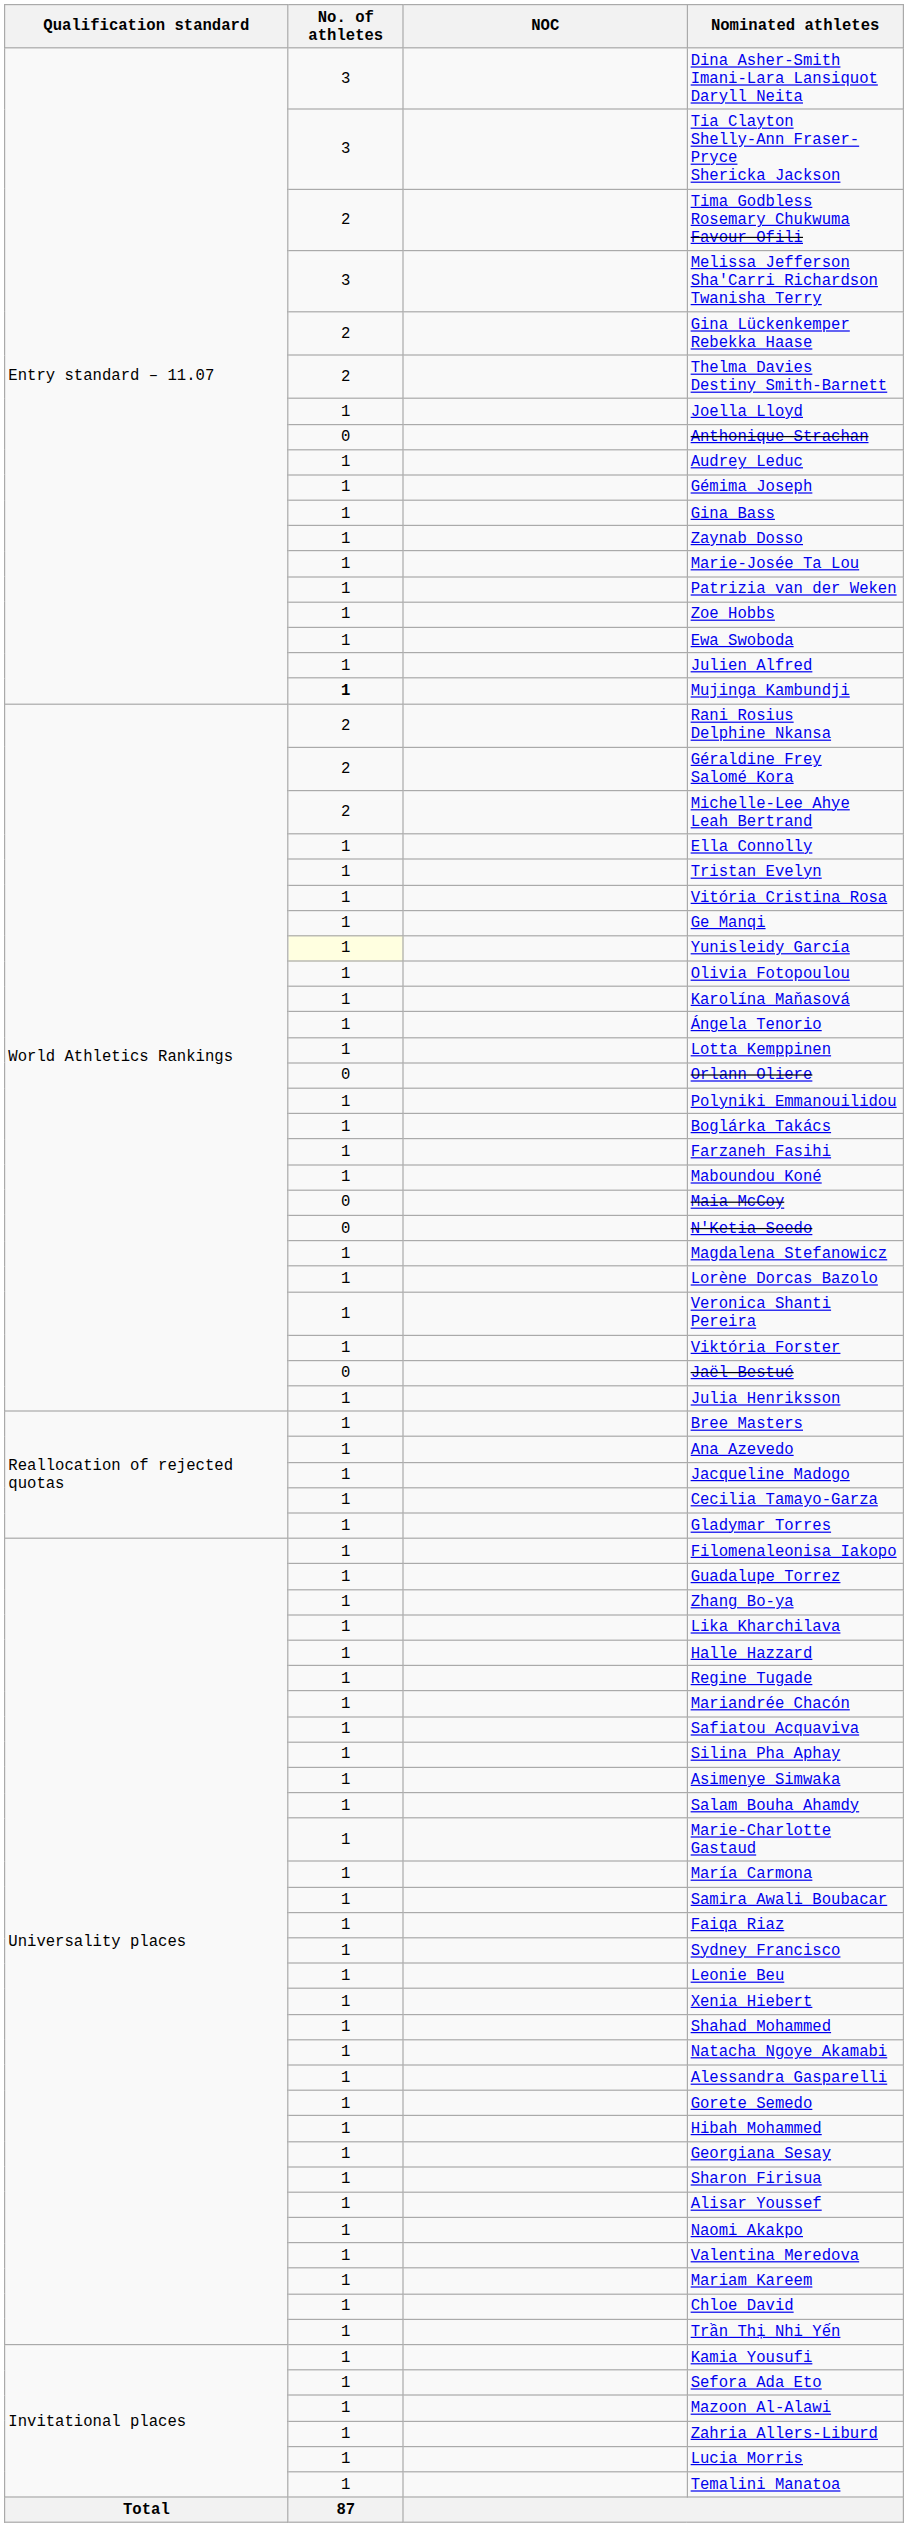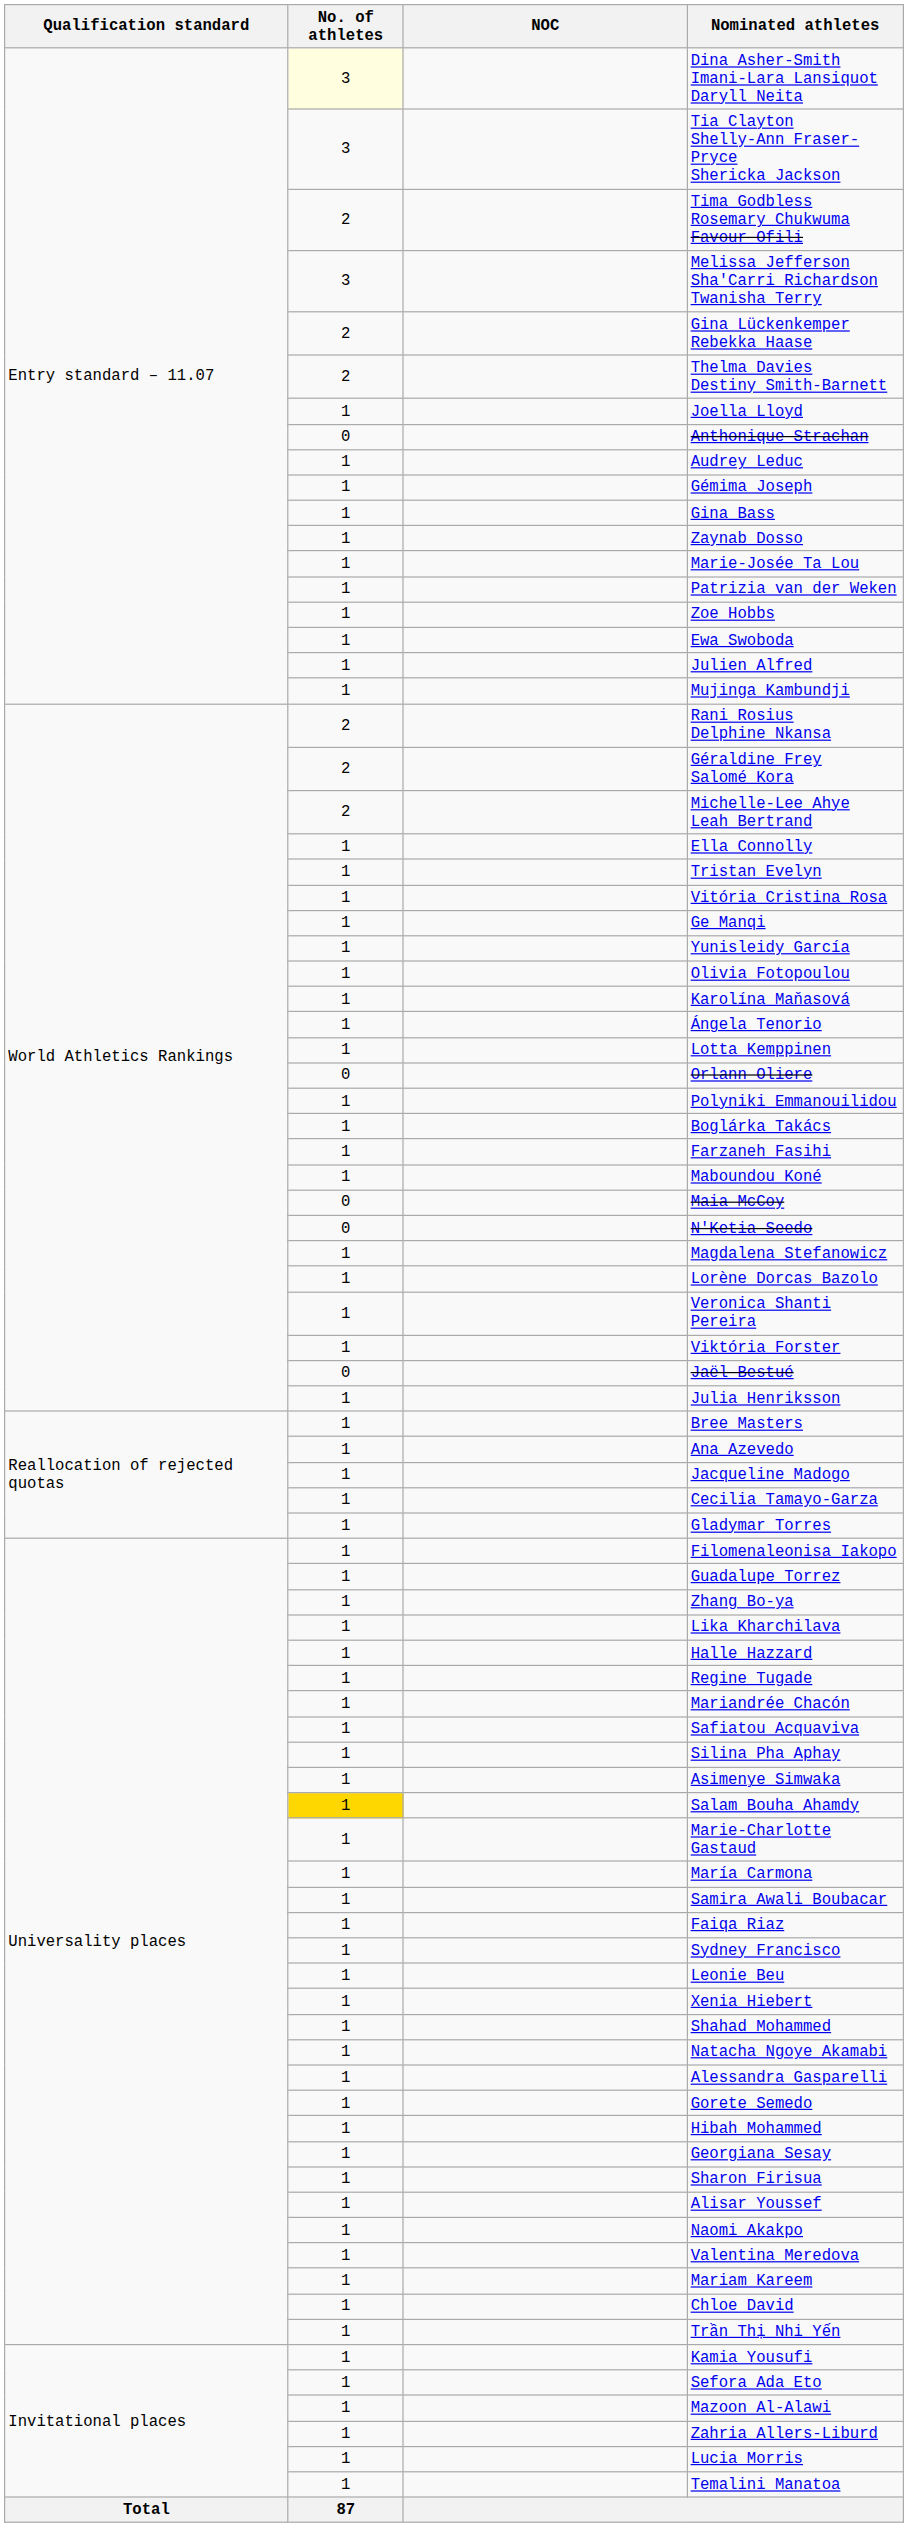 <table class="wikitable sortable" style="text-align:left; width:750px;">
 <tr>
 <th>Qualification standard</th>
 <th width=90>No. of athletes</th>
 <th width=230>NOC</th>
 <th>Nominated athletes</th>
 </tr>
 <tr>
 <td rowspan=18>Entry standard – 11.07</td>
-<td align=center>3</td>
+<td align=center style="background: lightyellow;">3</td>
 <td></td>
 <td><a href='#'>Dina Asher-Smith</a><br><a href='#'>Imani-Lara Lansiquot</a><br><a href='#'>Daryll Neita</a></td>
 </tr>
 <tr>
 <td align=center>3</td>
 <td></td>
 <td><a href='#'>Tia Clayton</a><br><a href='#'>Shelly-Ann Fraser-Pryce</a><br><a href='#'>Shericka Jackson</a></td>
 </tr>
 <tr>
 <td align=center>2</td>
 <td></td>
 <td><a href='#'>Tima Godbless</a><br><a href='#'>Rosemary Chukwuma</a><br><s><a href='#'>Favour Ofili</a></s></td>
 </tr>
 <tr>
 <td align=center>3</td>
 <td></td>
 <td><a href='#'>Melissa Jefferson</a><br><a href='#'>Sha'Carri Richardson</a><br><a href='#'>Twanisha Terry</a></td>
 </tr>
 <tr>
 <td align=center>2</td>
 <td></td>
 <td><a href='#'>Gina Lückenkemper</a><br><a href='#'>Rebekka Haase</a></td>
 </tr>
 <tr>
 <td align=center>2</td>
 <td></td>
 <td><a href='#'>Thelma Davies</a><br><a href='#'>Destiny Smith-Barnett</a></td>
 </tr>
 <tr>
 <td align=center>1</td>
 <td></td>
 <td><a href='#'>Joella Lloyd</a></td>
 </tr>
 <tr>
 <td align=center>0</td>
 <td><s></s></td>
 <td><s><a href='#'>Anthonique Strachan</a></s></td>
 </tr>
 <tr>
 <td align=center>1</td>
 <td></td>
 <td><a href='#'>Audrey Leduc</a></td>
 </tr>
 <tr>
 <td align=center>1</td>
 <td></td>
 <td><a href='#'>Gémima Joseph</a></td>
 </tr>
 <tr>
 <td align=center>1</td>
 <td></td>
 <td><a href='#'>Gina Bass</a></td>
 </tr>
 <tr>
 <td align=center>1</td>
 <td></td>
 <td><a href='#'>Zaynab Dosso</a></td>
 </tr>
 <tr>
 <td align=center>1</td>
 <td></td>
 <td><a href='#'>Marie-Josée Ta Lou</a></td>
 </tr>
 <tr>
 <td align=center>1</td>
 <td></td>
 <td><a href='#'>Patrizia van der Weken</a></td>
 </tr>
 <tr>
 <td align=center>1</td>
 <td></td>
 <td><a href='#'>Zoe Hobbs</a></td>
 </tr>
 <tr>
 <td align=center>1</td>
 <td></td>
 <td><a href='#'>Ewa Swoboda</a></td>
 </tr>
 <tr>
 <td align=center>1</td>
 <td></td>
 <td><a href='#'>Julien Alfred</a></td>
 </tr>
 <tr>
-<td align=center><strong>1</strong></td>
+<td align=center>1</td>
 <td></td>
 <td><a href='#'>Mujinga Kambundji</a></td>
 </tr>
 <tr>
 <td rowspan=25>World Athletics Rankings</td>
 <td align=center>2</td>
 <td></td>
 <td><a href='#'>Rani Rosius</a><br><a href='#'>Delphine Nkansa</a></td>
 </tr>
 <tr>
 <td align=center>2</td>
 <td></td>
 <td><a href='#'>Géraldine Frey</a><br><a href='#'>Salomé Kora</a></td>
 </tr>
 <tr>
 <td align=center>2</td>
 <td></td>
 <td><a href='#'>Michelle-Lee Ahye</a><br><a href='#'>Leah Bertrand</a></td>
 </tr>
 <tr>
 <td align=center>1</td>
 <td></td>
 <td><a href='#'>Ella Connolly</a></td>
 </tr>
 <tr>
 <td align=center>1</td>
 <td></td>
 <td><a href='#'>Tristan Evelyn</a></td>
 </tr>
 <tr>
 <td align=center>1</td>
 <td></td>
 <td><a href='#'>Vitória Cristina Rosa</a></td>
 </tr>
 <tr>
 <td align=center>1</td>
 <td></td>
 <td><a href='#'>Ge Manqi</a></td>
 </tr>
 <tr>
-<td align=center style="background: lightyellow;">1</td>
+<td align=center>1</td>
 <td></td>
 <td><a href='#'>Yunisleidy García</a></td>
 </tr>
 <tr>
 <td align=center>1</td>
 <td></td>
 <td><a href='#'>Olivia Fotopoulou</a></td>
 </tr>
 <tr>
 <td align=center>1</td>
 <td></td>
 <td><a href='#'>Karolína Maňasová</a></td>
 </tr>
 <tr>
 <td align=center>1</td>
 <td></td>
 <td><a href='#'>Ángela Tenorio</a></td>
 </tr>
 <tr>
 <td align=center>1</td>
 <td></td>
 <td><a href='#'>Lotta Kemppinen</a></td>
 </tr>
 <tr>
 <td align=center>0</td>
 <td><s></s></td>
 <td><s><a href='#'>Orlann Oliere</a></s></td>
 </tr>
 <tr>
 <td align=center>1</td>
 <td></td>
 <td><a href='#'>Polyniki Emmanouilidou</a></td>
 </tr>
 <tr>
 <td align=center>1</td>
 <td></td>
 <td><a href='#'>Boglárka Takács</a></td>
 </tr>
 <tr>
 <td align=center>1</td>
 <td></td>
 <td><a href='#'>Farzaneh Fasihi</a></td>
 </tr>
 <tr>
 <td align=center>1</td>
 <td></td>
 <td><a href='#'>Maboundou Koné</a></td>
 </tr>
 <tr>
 <td align=center>0</td>
 <td><s></s></td>
 <td><s><a href='#'>Maia McCoy</a></s></td>
 </tr>
 <tr>
 <td align=center>0</td>
 <td><s></s></td>
 <td><s><a href='#'>N'Ketia Seedo</a></s></td>
 </tr>
 <tr>
 <td align=center>1</td>
 <td></td>
 <td><a href='#'>Magdalena Stefanowicz</a></td>
 </tr>
 <tr>
 <td align=center>1</td>
 <td></td>
 <td><a href='#'>Lorène Dorcas Bazolo</a></td>
 </tr>
 <tr>
 <td align=center>1</td>
 <td></td>
 <td><a href='#'>Veronica Shanti Pereira</a></td>
 </tr>
 <tr>
 <td align=center>1</td>
 <td></td>
 <td><a href='#'>Viktória Forster</a></td>
 </tr>
 <tr>
 <td align=center>0</td>
 <td><s></s></td>
 <td><s><a href='#'>Jaël Bestué</a></s></td>
 </tr>
 <tr>
 <td align=center>1</td>
 <td></td>
 <td><a href='#'>Julia Henriksson</a></td>
 </tr>
 <tr>
 <td rowspan=5>Reallocation of rejected quotas</td>
 <td align=center>1</td>
 <td></td>
 <td><a href='#'>Bree Masters</a></td>
 </tr>
 <tr>
 <td align=center>1</td>
 <td></td>
 <td><a href='#'>Ana Azevedo</a></td>
 </tr>
 <tr>
 <td align=center>1</td>
 <td></td>
 <td><a href='#'>Jacqueline Madogo</a></td>
 </tr>
 <tr>
 <td align=center>1</td>
 <td></td>
 <td><a href='#'>Cecilia Tamayo-Garza</a></td>
 </tr>
 <tr>
 <td align=center>1</td>
 <td></td>
 <td><a href='#'>Gladymar Torres</a></td>
 </tr>
 <tr>
 <td rowspan=31>Universality places</td>
 <td align=center>1</td>
 <td></td>
 <td><a href='#'>Filomenaleonisa Iakopo</a></td>
 </tr>
 <tr>
 <td align=center>1</td>
 <td></td>
 <td><a href='#'>Guadalupe Torrez</a></td>
 </tr>
 <tr>
 <td align=center>1</td>
 <td></td>
 <td><a href='#'>Zhang Bo-ya</a></td>
 </tr>
 <tr>
 <td align=center>1</td>
 <td></td>
 <td><a href='#'>Lika Kharchilava</a></td>
 </tr>
 <tr>
 <td align=center>1</td>
 <td></td>
 <td><a href='#'>Halle Hazzard</a></td>
 </tr>
 <tr>
 <td align=center>1</td>
 <td></td>
 <td><a href='#'>Regine Tugade</a></td>
 </tr>
 <tr>
 <td align=center>1</td>
 <td></td>
 <td><a href='#'>Mariandrée Chacón</a></td>
 </tr>
 <tr>
 <td align=center>1</td>
 <td></td>
 <td><a href='#'>Safiatou Acquaviva</a></td>
 </tr>
 <tr>
 <td align=center>1</td>
 <td></td>
 <td><a href='#'>Silina Pha Aphay</a></td>
 </tr>
 <tr>
 <td align=center>1</td>
 <td></td>
 <td><a href='#'>Asimenye Simwaka</a></td>
 </tr>
 <tr>
-<td align=center>1</td>
+<td align=center style="background: gold;">1</td>
 <td></td>
 <td><a href='#'>Salam Bouha Ahamdy</a></td>
 </tr>
 <tr>
 <td align=center>1</td>
 <td></td>
 <td><a href='#'>Marie-Charlotte Gastaud</a></td>
 </tr>
 <tr>
 <td align=center>1</td>
 <td></td>
 <td><a href='#'>María Carmona</a></td>
 </tr>
 <tr>
 <td align=center>1</td>
 <td></td>
 <td><a href='#'>Samira Awali Boubacar</a></td>
 </tr>
 <tr>
 <td align=center>1</td>
 <td></td>
 <td><a href='#'>Faiqa Riaz</a></td>
 </tr>
 <tr>
 <td align=center>1</td>
 <td></td>
 <td><a href='#'>Sydney Francisco</a></td>
 </tr>
 <tr>
 <td align=center>1</td>
 <td></td>
 <td><a href='#'>Leonie Beu</a></td>
 </tr>
 <tr>
 <td align=center>1</td>
 <td></td>
 <td><a href='#'>Xenia Hiebert</a></td>
 </tr>
 <tr>
 <td align=center>1</td>
 <td></td>
 <td><a href='#'>Shahad Mohammed</a></td>
 </tr>
 <tr>
 <td align=center>1</td>
 <td></td>
 <td><a href='#'>Natacha Ngoye Akamabi</a></td>
 </tr>
 <tr>
 <td align=center>1</td>
 <td></td>
 <td><a href='#'>Alessandra Gasparelli</a></td>
 </tr>
 <tr>
 <td align=center>1</td>
 <td></td>
 <td><a href='#'>Gorete Semedo</a></td>
 </tr>
 <tr>
 <td align=center>1</td>
 <td></td>
 <td><a href='#'>Hibah Mohammed</a></td>
 </tr>
 <tr>
 <td align=center>1</td>
 <td></td>
 <td><a href='#'>Georgiana Sesay</a></td>
 </tr>
 <tr>
 <td align=center>1</td>
 <td></td>
 <td><a href='#'>Sharon Firisua</a></td>
 </tr>
 <tr>
 <td align=center>1</td>
 <td></td>
 <td><a href='#'>Alisar Youssef</a></td>
 </tr>
 <tr>
 <td align=center>1</td>
 <td></td>
 <td><a href='#'>Naomi Akakpo</a></td>
 </tr>
 <tr>
 <td align=center>1</td>
 <td></td>
 <td><a href='#'>Valentina Meredova</a></td>
 </tr>
 <tr>
 <td align=center>1</td>
 <td></td>
 <td><a href='#'>Mariam Kareem</a></td>
 </tr>
 <tr>
 <td align=center>1</td>
 <td></td>
 <td><a href='#'>Chloe David</a></td>
 </tr>
 <tr>
 <td align=center>1</td>
 <td></td>
 <td><a href='#'>Trần Thị Nhi Yến</a></td>
 </tr>
 <tr>
 <td rowspan=6>Invitational places</td>
 <td align=center>1</td>
 <td></td>
 <td><a href='#'>Kamia Yousufi</a></td>
 </tr>
 <tr>
 <td align=center>1</td>
 <td></td>
 <td><a href='#'>Sefora Ada Eto</a></td>
 </tr>
 <tr>
 <td align=center>1</td>
 <td></td>
 <td><a href='#'>Mazoon Al-Alawi</a></td>
 </tr>
 <tr>
 <td align=center>1</td>
 <td></td>
 <td><a href='#'>Zahria Allers-Liburd</a></td>
 </tr>
 <tr>
 <td align=center>1</td>
 <td></td>
 <td><a href='#'>Lucia Morris</a></td>
 </tr>
 <tr>
 <td align=center>1</td>
 <td></td>
 <td><a href='#'>Temalini Manatoa</a></td>
 </tr>
 <tr>
 <th>Total</th>
 <th>87</th>
 <th colspan=2></th>
 </tr>
 </table>
